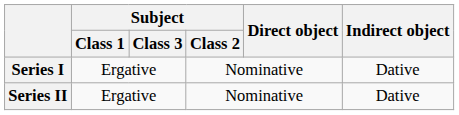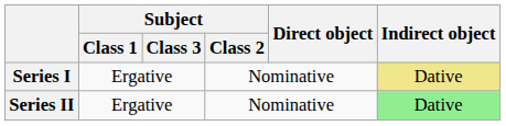 <table class="wikitable" style="text-align:center;white-space:nowrap">
 <tr>
 <th rowspan="2"></th>
 <th colspan="3">Subject</th>
 <th rowspan="2">Direct object</th>
 <th rowspan="2">Indirect object</th>
 </tr>
 <tr>
 <th>Class 1</th>
 <th>Class 3</th>
 <th>Class 2</th>
 </tr>
 <tr>
 <th>Series I</th>
 <td colspan="2">Ergative</td>
 <td colspan="2">Nominative</td>
-<td>Dative</td>
+<td style="background: khaki;">Dative</td>
 </tr>
 <tr>
 <th>Series II</th>
 <td colspan="2">Ergative</td>
 <td colspan="2">Nominative</td>
-<td>Dative</td>
+<td style="background: lightgreen;">Dative</td>
 </tr>
 </table>
